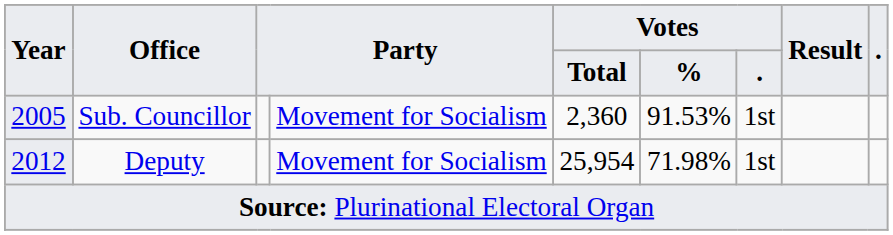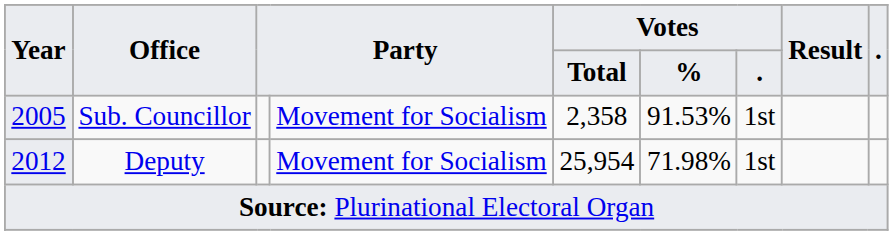 <table class="wikitable" style="font-size:90%; text-align:center;">
 <tr>
 <th style="background-color:#EAECF0;" rowspan=2>Year</th>
 <th style="background-color:#EAECF0;" rowspan=2>Office</th>
 <th style="background-color:#EAECF0;" colspan=2 rowspan=2>Party</th>
 <th style="background-color:#EAECF0;" colspan=3>Votes</th>
 <th style="background-color:#EAECF0;" rowspan=2>Result</th>
 <th style="background-color:#EAECF0;" rowspan=2>.</th>
 </tr>
 <tr>
 <th style="background-color:#EAECF0;">Total</th>
 <th style="background-color:#EAECF0;">%</th>
 <th style="background-color:#EAECF0;">.</th>
 </tr>
 <tr>
 <td style="background-color:#EAECF0;"><a href='#'>2005</a></td>
 <td><a href='#'>Sub. Councillor</a></td>
 <td style="background-color:"></td>
 <td><a href='#'>Movement for Socialism</a></td>
-<td>2,360</td>
+<td>2,358</td>
 <td>91.53%</td>
 <td>1st</td>
 <td></td>
 <td></td>
 </tr>
 <tr>
 <td style="background-color:#EAECF0;"><a href='#'>2012</a></td>
 <td><a href='#'>Deputy</a></td>
 <td style="background-color:"></td>
 <td><a href='#'>Movement for Socialism</a></td>
 <td>25,954</td>
 <td>71.98%</td>
 <td>1st</td>
 <td></td>
 <td></td>
 </tr>
 <tr>
 <td style="background-color:#EAECF0;" colspan=9><strong>Source:</strong> <a href='#'>Plurinational Electoral Organ</a>  </td>
 </tr>
 </table>
